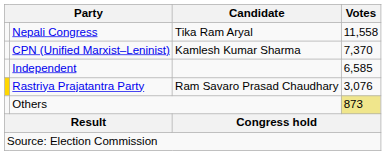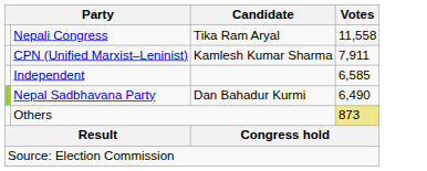 <table class="wikitable">
 <tr>
 <th colspan="2">Party</th>
 <th>Candidate</th>
 <th>Votes</th>
 </tr>
 <tr>
 <td style="background-color:"></td>
 <td><a href='#'>Nepali Congress</a></td>
 <td>Tika Ram Aryal</td>
 <td>11,558</td>
 </tr>
 <tr>
 <td style="background-color:"></td>
 <td><a href='#'>CPN (Unified Marxist–Leninist)</a></td>
 <td>Kamlesh Kumar Sharma</td>
-<td>7,370</td>
+<td>7,911</td>
 </tr>
 <tr>
 <td style="background-color:"></td>
 <td><a href='#'>Independent</a></td>
 <td></td>
 <td>6,585</td>
 </tr>
 <tr>
-<td style="background-color:gold"></td>
-<td><a href='#'>Rastriya Prajatantra Party</a></td>
-<td>Ram Savaro Prasad Chaudhary</td>
-<td>3,076</td>
+<td style="background-color:yellowgreen"></td>
+<td><a href='#'>Nepal Sadbhavana Party</a></td>
+<td>Dan Bahadur Kurmi</td>
+<td>6,490</td>
 </tr>
 <tr>
 <td></td>
 <td colspan="2">Others</td>
 <td style="background: khaki;">873</td>
 </tr>
 <tr>
 <th colspan="2">Result</th>
 <th colspan="2">Congress hold</th>
 </tr>
 <tr>
 <td colspan="4">Source: Election Commission</td>
 </tr>
 </table>
